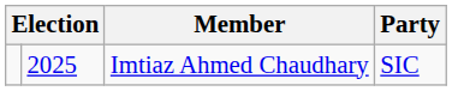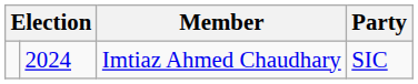 <table class="wikitable">
 <tr>
 <th colspan="2">Election</th>
 <th>Member</th>
 <th>Party</th>
 </tr>
 <tr>
 <td style="background-color: "></td>
-<td><a href='#'>2025</a></td>
+<td><a href='#'>2024</a></td>
 <td><a href='#'>Imtiaz Ahmed Chaudhary</a></td>
 <td><a href='#'>SIC</a></td>
 </tr>
 </table>
